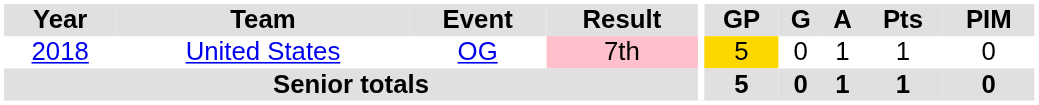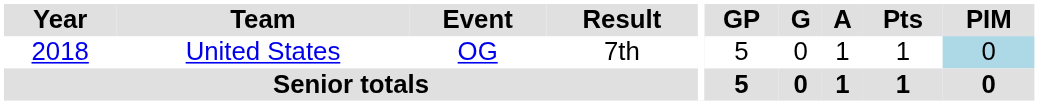 <table border="0" cellpadding="1" cellspacing="0" ID="Table3" style="text-align:center; width:40em">
 <tr ALIGN="center" bgcolor="#e0e0e0">
 <th>Year</th>
 <th>Team</th>
 <th>Event</th>
 <th>Result</th>
 <th rowspan="99" bgcolor="#ffffff"></th>
 <th>GP</th>
 <th>G</th>
 <th>A</th>
 <th>Pts</th>
 <th>PIM</th>
 </tr>
 <tr>
 <td><a href='#'>2018</a></td>
 <td><a href='#'>United States</a></td>
 <td><a href='#'>OG</a></td>
-<td style="background: pink;">7th</td>
-<td style="background: gold;">5</td>
+<td>7th</td>
+<td>5</td>
 <td>0</td>
 <td>1</td>
 <td>1</td>
-<td>0</td>
+<td style="background: lightblue;">0</td>
 </tr>
 <tr bgcolor="#e0e0e0">
 <th colspan="4">Senior totals</th>
 <th>5</th>
 <th>0</th>
 <th>1</th>
 <th>1</th>
 <th>0</th>
 </tr>
 </table>
